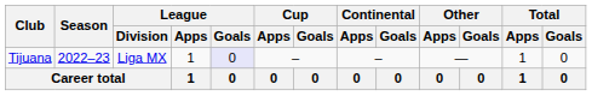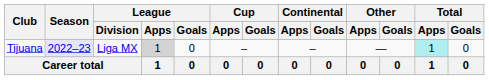 <table class="wikitable" style="text-align: center">
 <tr>
 <th rowspan="2">Club</th>
 <th rowspan="2">Season</th>
 <th colspan="3">League</th>
 <th colspan="2">Cup</th>
 <th colspan="2">Continental</th>
 <th colspan="2">Other</th>
 <th colspan="2">Total</th>
 </tr>
 <tr>
 <th>Division</th>
 <th>Apps</th>
 <th>Goals</th>
 <th>Apps</th>
 <th>Goals</th>
 <th>Apps</th>
 <th>Goals</th>
 <th>Apps</th>
 <th>Goals</th>
 <th>Apps</th>
 <th>Goals</th>
 </tr>
 <tr>
 <td><a href='#'>Tijuana</a></td>
-<td><a href='#'>2022–23</a></td>
+<td style="background: lavender;"><a href='#'>2022–23</a></td>
 <td><a href='#'>Liga MX</a></td>
-<td>1</td>
-<td style="background: lavender;">0</td>
+<td style="background: lightgrey;">1</td>
+<td>0</td>
 <td colspan="2">–</td>
 <td colspan="2">–</td>
 <td colspan="2">—</td>
-<td>1</td>
+<td style="background: paleturquoise;">1</td>
 <td>0</td>
 </tr>
 <tr>
 <th colspan="3">Career total</th>
 <th>1</th>
 <th>0</th>
 <th>0</th>
 <th>0</th>
 <th>0</th>
 <th>0</th>
 <th>0</th>
 <th>0</th>
 <th>1</th>
 <th>0</th>
 </tr>
 </table>
